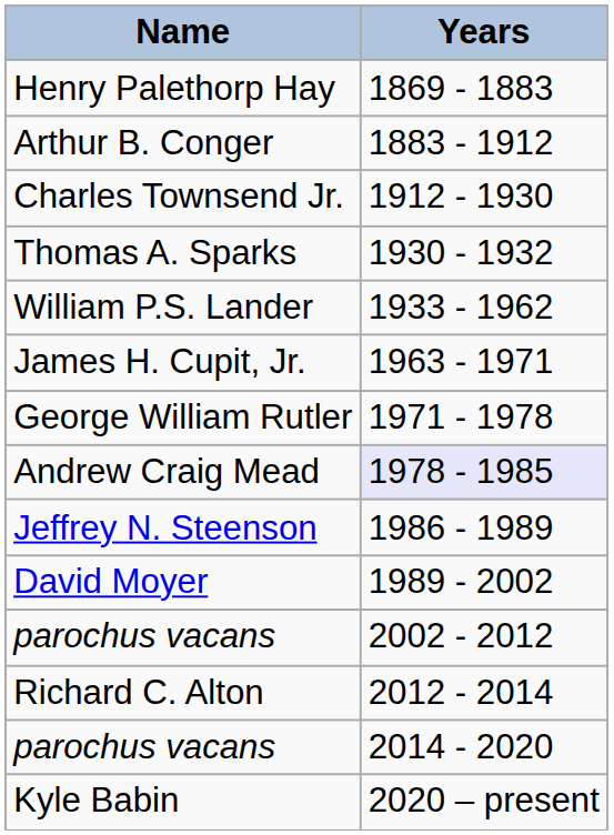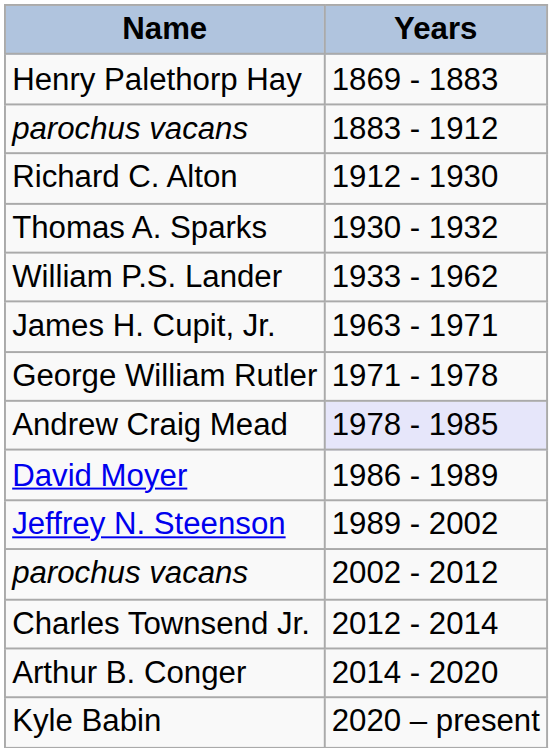 <table class="wikitable" style="left; style="font-size: 95%;">
 <tr>
 <th style="background:#B0C4DE;">Name</th>
 <th style="background:#B0C4DE;">Years</th>
 </tr>
 <tr>
 <td>Henry Palethorp Hay</td>
 <td>1869 - 1883</td>
 </tr>
 <tr>
-<td>Arthur B. Conger</td>
+<td><em>parochus vacans</em></td>
 <td>1883 - 1912</td>
 </tr>
 <tr>
-<td>Charles Townsend Jr.</td>
+<td>Richard C. Alton</td>
 <td>1912 - 1930</td>
 </tr>
 <tr>
 <td>Thomas A. Sparks</td>
 <td>1930 - 1932</td>
 </tr>
 <tr>
 <td>William P.S. Lander</td>
 <td>1933 - 1962</td>
 </tr>
 <tr>
 <td>James H. Cupit, Jr.</td>
 <td>1963 - 1971</td>
 </tr>
 <tr>
 <td>George William Rutler</td>
 <td>1971 - 1978</td>
 </tr>
 <tr>
 <td>Andrew Craig Mead</td>
 <td style="background: lavender;">1978 - 1985</td>
 </tr>
 <tr>
-<td><a href='#'>Jeffrey N. Steenson</a></td>
+<td><a href='#'>David Moyer</a></td>
 <td>1986 - 1989</td>
 </tr>
 <tr>
-<td><a href='#'>David Moyer</a></td>
+<td><a href='#'>Jeffrey N. Steenson</a></td>
 <td>1989 - 2002</td>
 </tr>
 <tr>
 <td><em>parochus vacans</em></td>
 <td>2002 - 2012</td>
 </tr>
 <tr>
-<td>Richard C. Alton</td>
+<td>Charles Townsend Jr.</td>
 <td>2012 - 2014</td>
 </tr>
 <tr>
-<td><em>parochus vacans</em></td>
+<td>Arthur B. Conger</td>
 <td>2014 - 2020</td>
 </tr>
 <tr>
 <td>Kyle Babin</td>
 <td>2020 – present</td>
 </tr>
 <tr>
 </tr>
 </table>
